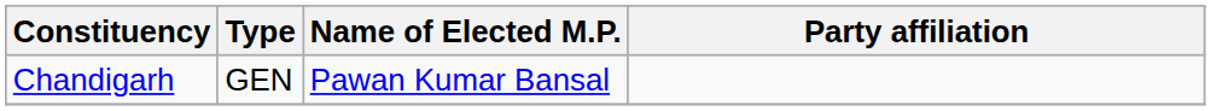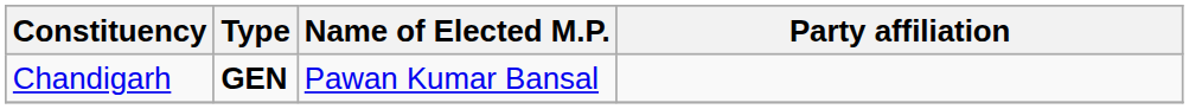 <table class="wikitable" style="font-size:95%;">
 <tr>
 <th>Constituency</th>
 <th>Type</th>
 <th>Name of Elected M.P.</th>
 <th colspan="2" style="width:18em">Party affiliation</th>
 </tr>
 <tr>
 <td><a href='#'>Chandigarh</a></td>
-<td>GEN</td>
+<td><strong>GEN</strong></td>
 <td><a href='#'>Pawan Kumar Bansal</a></td>
 <td></td>
 </tr>
 <tr>
 </tr>
 </table>
